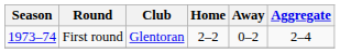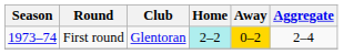 <table class="wikitable" style="text-align: center;">
 <tr>
 <th>Season</th>
 <th>Round</th>
 <th>Club</th>
 <th>Home</th>
 <th>Away</th>
 <th><a href='#'>Aggregate</a></th>
 </tr>
 <tr>
 <td align=left><a href='#'>1973–74</a></td>
 <td align=left>First round</td>
 <td align=left> <a href='#'>Glentoran</a></td>
-<td>2–2</td>
-<td>0–2</td>
+<td style="background: paleturquoise;">2–2</td>
+<td style="background: gold;">0–2</td>
 <td>2–4</td>
 </tr>
 <tr>
 </tr>
 </table>
